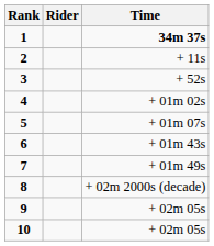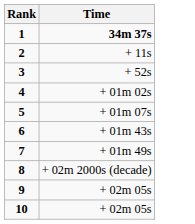 <table class=wikitable style="text-align:center;">
 <tr>
 <th>Rank</th>
-<th>Rider</th>
 <th>Time</th>
 </tr>
 <tr>
 <td><strong>1</strong></td>
-<td align=left></td>
 <td align=right><strong>34m 37s</strong></td>
 </tr>
 <tr>
 <td><strong>2</strong></td>
-<td align=left></td>
 <td align=right>+ 11s</td>
 </tr>
 <tr>
 <td><strong>3</strong></td>
-<td align=left></td>
 <td align=right>+ 52s</td>
 </tr>
 <tr>
 <td><strong>4</strong></td>
-<td align=left></td>
 <td align=right>+ 01m 02s</td>
 </tr>
 <tr>
 <td><strong>5</strong></td>
-<td align=left></td>
 <td align=right>+ 01m 07s</td>
 </tr>
 <tr>
 <td><strong>6</strong></td>
-<td align=left></td>
 <td align=right>+ 01m 43s</td>
 </tr>
 <tr>
 <td><strong>7</strong></td>
-<td align=left></td>
 <td align=right>+ 01m 49s</td>
 </tr>
 <tr>
 <td><strong>8</strong></td>
-<td align=left></td>
 <td align=right>+ 02m 2000s (decade)</td>
 </tr>
 <tr>
 <td><strong>9</strong></td>
-<td align=left></td>
 <td align=right>+ 02m 05s</td>
 </tr>
 <tr>
 <td><strong>10</strong></td>
-<td align=left></td>
 <td align=right>+ 02m 05s</td>
 </tr>
 </table>
